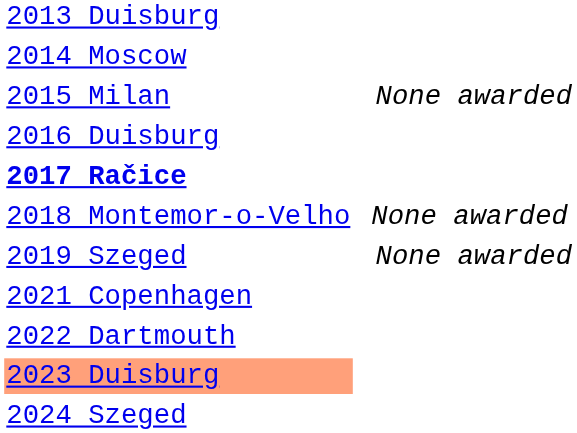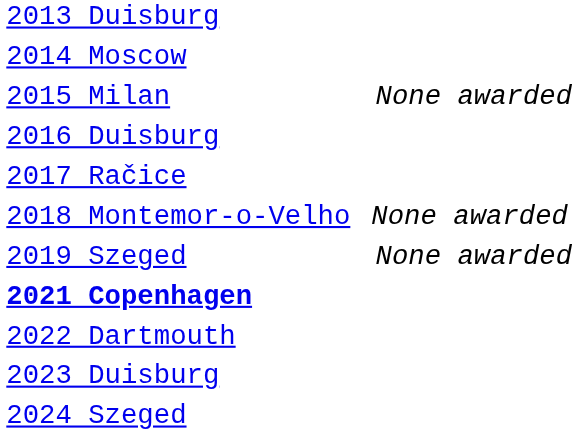 <table>
 <tr>
 <td><a href='#'>2013 Duisburg</a></td>
 <td></td>
 <td></td>
 <td></td>
 </tr>
 <tr>
 <td><a href='#'>2014 Moscow</a></td>
 <td></td>
 <td></td>
 <td></td>
 </tr>
 <tr>
 <td><a href='#'>2015 Milan</a></td>
 <td></td>
 <td></td>
 <td style="text-align: center;"><em>None awarded</em></td>
 </tr>
 <tr>
 <td><a href='#'>2016 Duisburg</a></td>
 <td></td>
 <td></td>
 <td></td>
 </tr>
 <tr>
-<td><strong><a href='#'>2017 Račice</a></strong></td>
+<td><a href='#'>2017 Račice</a></td>
 <td></td>
 <td></td>
 <td></td>
 </tr>
 <tr>
 <td><a href='#'>2018 Montemor-o-Velho</a></td>
 <td></td>
 <td colspan=2 style="text-align: center;"><em>None awarded</em></td>
 </tr>
 <tr>
 <td><a href='#'>2019 Szeged</a></td>
 <td></td>
 <td></td>
 <td style="text-align: center;"><em>None awarded</em></td>
 </tr>
 <tr>
-<td><a href='#'>2021 Copenhagen</a></td>
+<td><strong><a href='#'>2021 Copenhagen</a></strong></td>
 <td></td>
 <td></td>
 <td></td>
 </tr>
 <tr>
 <td><a href='#'>2022 Dartmouth</a></td>
 <td></td>
 <td></td>
 <td></td>
 </tr>
 <tr>
-<td style="background: lightsalmon;"><a href='#'>2023 Duisburg</a></td>
+<td><a href='#'>2023 Duisburg</a></td>
 <td></td>
 <td></td>
 <td></td>
 </tr>
 <tr>
 <td><a href='#'>2024 Szeged</a></td>
 <td></td>
 <td></td>
 <td></td>
 </tr>
 </table>
